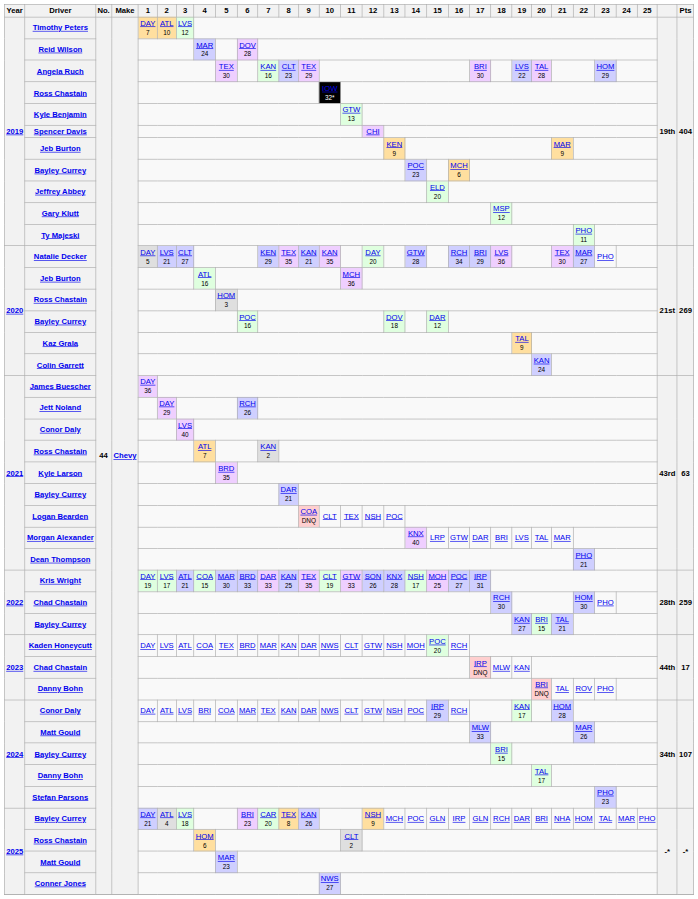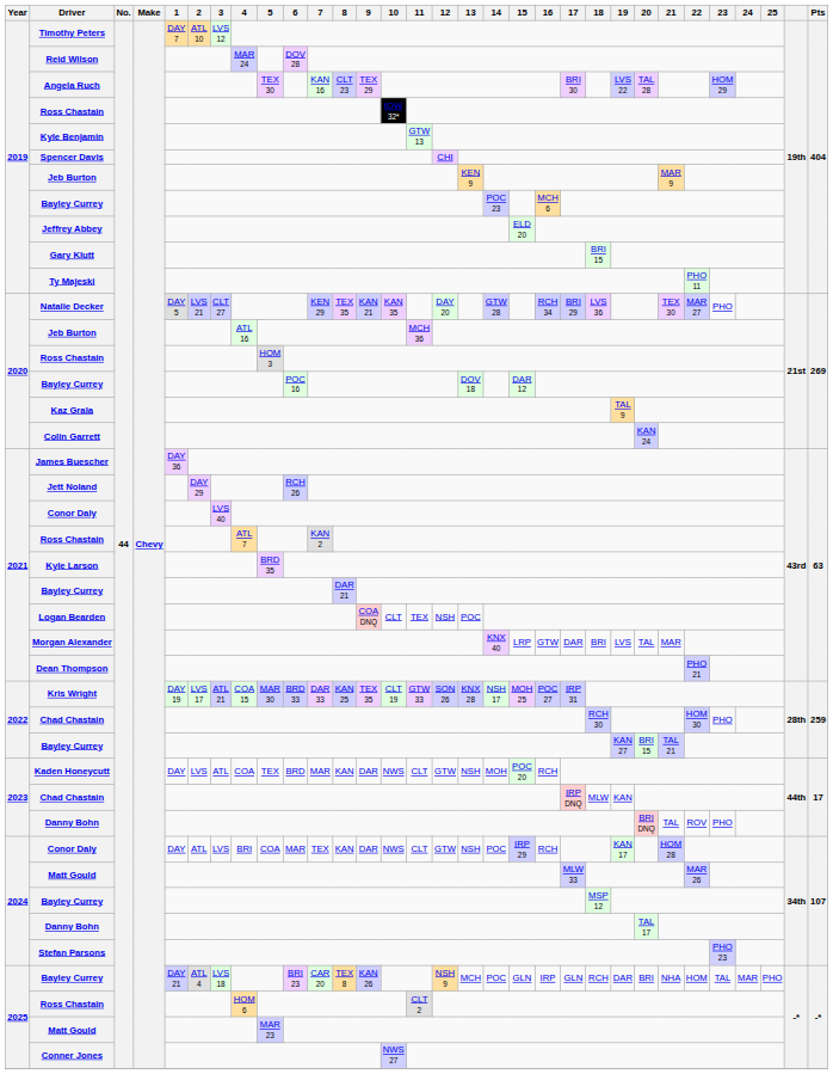 <table class="wikitable" style="text-align:center; font-size:75%">
 <tr>
 <th>Year</th>
 <th>Driver</th>
 <th>No.</th>
 <th>Make</th>
 <th>1</th>
 <th>2</th>
 <th>3</th>
 <th>4</th>
 <th>5</th>
 <th>6</th>
 <th>7</th>
 <th>8</th>
 <th>9</th>
 <th>10</th>
 <th>11</th>
 <th>12</th>
 <th>13</th>
 <th>14</th>
 <th>15</th>
 <th>16</th>
 <th>17</th>
 <th>18</th>
 <th>19</th>
 <th>20</th>
 <th>21</th>
 <th>22</th>
 <th>23</th>
 <th>24</th>
 <th>25</th>
 <th></th>
 <th>Pts</th>
 </tr>
 <tr>
 <th rowspan=11><a href='#'>2019</a></th>
 <th><a href='#'>Timothy Peters</a></th>
 <th rowspan="41">44</th>
 <th rowspan="41"><a href='#'>Chevy</a></th>
 <td style="background:#FFDF9F;"><a href='#'>DAY</a><br><small>7</small></td>
 <td style="background:#FFDF9F;"><a href='#'>ATL</a><br><small>10</small></td>
 <td style="background:#DFFFDF;"><a href='#'>LVS</a><br><small>12</small></td>
 <td colspan=22></td>
 <th rowspan=11>19th</th>
 <th rowspan=11>404</th>
 </tr>
 <tr>
 <th><a href='#'>Reid Wilson</a></th>
 <td colspan=3></td>
 <td style="background:#CFCFFF;"><a href='#'>MAR</a><br><small>24</small></td>
 <td colspan=1></td>
 <td style="background:#EFCFFF;"><a href='#'>DOV</a><br><small>28</small></td>
 <td colspan=19></td>
 </tr>
 <tr>
 <th><a href='#'>Angela Ruch</a></th>
 <td colspan=4></td>
 <td style="background:#EFCFFF;"><a href='#'>TEX</a><br><small>30</small></td>
 <td colspan=1></td>
 <td style="background:#DFFFDF;"><a href='#'>KAN</a><br><small>16</small></td>
 <td style="background:#CFCFFF;"><a href='#'>CLT</a><br><small>23</small></td>
 <td style="background:#EFCFFF;"><a href='#'>TEX</a><br><small>29</small></td>
 <td colspan=7></td>
 <td style="background:#EFCFFF;"><a href='#'>BRI</a><br><small>30</small></td>
 <td colspan=1></td>
 <td style="background:#CFCFFF;"><a href='#'>LVS</a><br><small>22</small></td>
 <td style="background:#EFCFFF;"><a href='#'>TAL</a><br><small>28</small></td>
 <td colspan=2></td>
 <td style="background:#CFCFFF;"><a href='#'>HOM</a><br><small>29</small></td>
 <td colspan=2></td>
 </tr>
 <tr>
 <th><a href='#'>Ross Chastain</a></th>
 <td colspan=9></td>
 <td style="background-color:#000000;color:white;"><a href='#'><span>IOW</span></a><br><small>32*</small></td>
 <td colspan=15></td>
 </tr>
 <tr>
 <th><a href='#'>Kyle Benjamin</a></th>
 <td colspan=10></td>
 <td style="background:#DFFFDF;"><a href='#'>GTW</a><br><small>13</small></td>
 <td colspan=14></td>
 </tr>
 <tr>
 <th><a href='#'>Spencer Davis</a></th>
 <td colspan=11></td>
 <td style="background:#EFCFFF;"><a href='#'>CHI</a><br></td>
 <td colspan=13></td>
 </tr>
 <tr>
 <th><a href='#'>Jeb Burton</a></th>
 <td colspan=12></td>
 <td style="background:#FFDF9F;"><a href='#'>KEN</a><br><small>9</small></td>
 <td colspan=7></td>
 <td style="background:#FFDF9F;"><a href='#'>MAR</a><br><small>9</small></td>
 <td colspan=4></td>
 </tr>
 <tr>
 <th><a href='#'>Bayley Currey</a></th>
 <td colspan=13></td>
 <td style="background:#CFCFFF;"><a href='#'>POC</a><br><small>23</small></td>
 <td colspan=1></td>
 <td style="background:#FFDF9F;"><a href='#'>MCH</a><br><small>6</small></td>
 <td colspan=9></td>
 </tr>
 <tr>
 <th><a href='#'>Jeffrey Abbey</a></th>
 <td colspan=14></td>
 <td style="background:#DFFFDF;"><a href='#'>ELD</a><br><small>20</small></td>
 <td colspan=10></td>
 </tr>
 <tr>
 <th><a href='#'>Gary Klutt</a></th>
 <td colspan=17></td>
-<td style="background:#DFFFDF;"><a href='#'>MSP</a><br><small>12</small></td>
+<td style="background:#DFFFDF;"><a href='#'>BRI</a><br><small>15</small></td>
 <td colspan=7></td>
 </tr>
 <tr>
 <th><a href='#'>Ty Majeski</a></th>
 <td colspan=21></td>
 <td style="background:#DFFFDF;"><a href='#'>PHO</a><br><small>11</small></td>
 <td colspan=3></td>
 </tr>
 <tr>
 <th rowspan=6><a href='#'>2020</a></th>
 <th><a href='#'>Natalie Decker</a></th>
 <td style="background:#DFDFDF;"><a href='#'>DAY</a><br><small>5</small></td>
 <td style="background:#CFCFFF;"><a href='#'>LVS</a><br><small>21</small></td>
 <td style="background:#CFCFFF;"><a href='#'>CLT</a><br><small>27</small></td>
 <td colspan=3></td>
 <td style="background:#CFCFFF;"><a href='#'>KEN</a><br><small>29</small></td>
 <td style="background:#EFCFFF;"><a href='#'>TEX</a><br><small>35</small></td>
 <td style="background:#CFCFFF;"><a href='#'>KAN</a><br><small>21</small></td>
 <td style="background:#EFCFFF;"><a href='#'>KAN</a><br><small>35</small></td>
 <td colspan=1></td>
 <td style="background:#DFFFDF;"><a href='#'>DAY</a><br><small>20</small></td>
 <td colspan=1></td>
 <td style="background:#CFCFFF;"><a href='#'>GTW</a><br><small>28</small></td>
 <td colspan=1></td>
 <td style="background:#CFCFFF;"><a href='#'>RCH</a><br><small>34</small></td>
 <td style="background:#CFCFFF;"><a href='#'>BRI</a><br><small>29</small></td>
 <td style="background:#EFCFFF;"><a href='#'>LVS</a><br><small>36</small></td>
 <td colspan=2></td>
 <td style="background:#EFCFFF;"><a href='#'>TEX</a><br><small>30</small></td>
 <td style="background:#CFCFFF;"><a href='#'>MAR</a><br><small>27</small></td>
 <td><a href='#'>PHO</a></td>
 <td colspan=2></td>
 <th rowspan=6>21st</th>
 <th rowspan=6>269</th>
 </tr>
 <tr>
 <th><a href='#'>Jeb Burton</a></th>
 <td colspan=3></td>
 <td style="background:#DFFFDF;"><a href='#'>ATL</a><br><small>16</small></td>
 <td colspan=6></td>
 <td style="background:#EFCFFF;"><a href='#'>MCH</a><br><small>36</small></td>
 <td colspan=14></td>
 </tr>
 <tr>
 <th><a href='#'>Ross Chastain</a></th>
 <td colspan=4></td>
 <td style="background:#DFDFDF;"><a href='#'>HOM</a><br><small>3</small></td>
 <td colspan=20></td>
 </tr>
 <tr>
 <th><a href='#'>Bayley Currey</a></th>
 <td colspan=5></td>
 <td style="background:#DFFFDF;"><a href='#'>POC</a><br><small>16</small></td>
 <td colspan=6></td>
 <td style="background:#DFFFDF;"><a href='#'>DOV</a><br><small>18</small></td>
 <td colspan=1></td>
 <td style="background:#DFFFDF;"><a href='#'>DAR</a><br><small>12</small></td>
 <td colspan=10></td>
 </tr>
 <tr>
 <th><a href='#'>Kaz Grala</a></th>
 <td colspan=18></td>
 <td style="background:#FFDF9F;"><a href='#'>TAL</a><br><small>9</small></td>
 <td colspan=6></td>
 </tr>
 <tr>
 <th><a href='#'>Colin Garrett</a></th>
 <td colspan=19></td>
 <td style="background:#CFCFFF;"><a href='#'>KAN</a><br><small>24</small></td>
 <td colspan=5></td>
 </tr>
 <tr>
 <th rowspan=9><a href='#'>2021</a></th>
 <th><a href='#'>James Buescher</a></th>
 <td style="background:#EFCFFF;"><a href='#'>DAY</a><br><small>36</small></td>
 <td colspan=24></td>
 <th rowspan=9>43rd</th>
 <th rowspan=9>63</th>
 </tr>
 <tr>
 <th><a href='#'>Jett Noland</a></th>
 <td colspan=1></td>
 <td style="background:#EFCFFF;"><a href='#'>DAY</a><br><small>29</small></td>
 <td colspan=3></td>
 <td style="background:#CFCFFF;"><a href='#'>RCH</a><br><small>26</small></td>
 <td colspan=19></td>
 </tr>
 <tr>
 <th><a href='#'>Conor Daly</a></th>
 <td colspan=2></td>
 <td style="background:#EFCFFF;"><a href='#'>LVS</a><br><small>40</small></td>
 <td colspan=22></td>
 </tr>
 <tr>
 <th><a href='#'>Ross Chastain</a></th>
 <td colspan=3></td>
 <td style="background:#FFDF9F;"><a href='#'>ATL</a><br><small>7</small></td>
 <td colspan=2></td>
 <td style="background:#DFDFDF;"><a href='#'>KAN</a><br><small>2</small></td>
 <td colspan=18></td>
 </tr>
 <tr>
 <th><a href='#'>Kyle Larson</a></th>
 <td colspan=4></td>
 <td style="background:#EFCFFF;"><a href='#'>BRD</a><br><small>35</small></td>
 <td colspan=20></td>
 </tr>
 <tr>
 <th><a href='#'>Bayley Currey</a></th>
 <td colspan=7></td>
 <td style="background:#CFCFFF;"><a href='#'>DAR</a><br><small>21</small></td>
 <td colspan=17></td>
 </tr>
 <tr>
 <th><a href='#'>Logan Bearden</a></th>
 <td colspan=8></td>
 <td style="background:#FFCFCF;"><a href='#'>COA</a><br><small>DNQ</small></td>
 <td><a href='#'>CLT</a></td>
 <td><a href='#'>TEX</a></td>
 <td><a href='#'>NSH</a></td>
 <td><a href='#'>POC</a></td>
 <td colspan=12></td>
 </tr>
 <tr>
 <th><a href='#'>Morgan Alexander</a></th>
 <td colspan=13></td>
 <td style="background:#EFCFFF;"><a href='#'>KNX</a><br><small>40</small></td>
 <td><a href='#'>LRP</a></td>
 <td><a href='#'>GTW</a></td>
 <td><a href='#'>DAR</a></td>
 <td><a href='#'>BRI</a></td>
 <td><a href='#'>LVS</a></td>
 <td><a href='#'>TAL</a></td>
 <td><a href='#'>MAR</a></td>
 <td colspan=4></td>
 </tr>
 <tr>
 <th><a href='#'>Dean Thompson</a></th>
 <td colspan=21></td>
 <td style="background:#CFCFFF;"><a href='#'>PHO</a><br><small>21</small></td>
 <td colspan=3></td>
 </tr>
 <tr>
 <th rowspan=3><a href='#'>2022</a></th>
 <th><a href='#'>Kris Wright</a></th>
 <td style="background:#DFFFDF;"><a href='#'>DAY</a><br><small>19</small></td>
 <td style="background:#DFFFDF;"><a href='#'>LVS</a><br><small>17</small></td>
 <td style="background:#CFCFFF;"><a href='#'>ATL</a><br><small>21</small></td>
 <td style="background:#DFFFDF;"><a href='#'>COA</a><br><small>15</small></td>
 <td style="background:#CFCFFF;"><a href='#'>MAR</a><br><small>30</small></td>
 <td style="background:#CFCFFF;"><a href='#'>BRD</a><br><small>33</small></td>
 <td style="background:#EFCFFF;"><a href='#'>DAR</a><br><small>33</small></td>
 <td style="background:#CFCFFF;"><a href='#'>KAN</a><br><small>25</small></td>
 <td style="background:#EFCFFF;"><a href='#'>TEX</a><br><small>35</small></td>
 <td style="background:#DFFFDF;"><a href='#'>CLT</a><br><small>19</small></td>
 <td style="background:#EFCFFF;"><a href='#'>GTW</a><br><small>33</small></td>
 <td style="background:#CFCFFF;"><a href='#'>SON</a><br><small>26</small></td>
 <td style="background:#CFCFFF;"><a href='#'>KNX</a><br><small>28</small></td>
 <td style="background:#DFFFDF;"><a href='#'>NSH</a><br><small>17</small></td>
 <td style="background:#EFCFFF;"><a href='#'>MOH</a><br><small>25</small></td>
 <td style="background:#CFCFFF;"><a href='#'>POC</a><br><small>27</small></td>
 <td style="background:#CFCFFF;"><a href='#'>IRP</a><br><small>31</small></td>
 <td colspan=8></td>
 <th rowspan=3>28th</th>
 <th rowspan=3>259</th>
 </tr>
 <tr>
 <th><a href='#'>Chad Chastain</a></th>
 <td colspan=17></td>
 <td style="background:#CFCFFF;"><a href='#'>RCH</a><br><small>30</small></td>
 <td colspan=3></td>
 <td style="background:#CFCFFF;"><a href='#'>HOM</a><br><small>30</small></td>
 <td><a href='#'>PHO</a></td>
 <td colspan=2></td>
 </tr>
 <tr>
 <th><a href='#'>Bayley Currey</a></th>
 <td colspan=18></td>
 <td style="background:#CFCFFF;"><a href='#'>KAN</a><br><small>27</small></td>
 <td style="background:#DFFFDF;"><a href='#'>BRI</a><br><small>15</small></td>
 <td style="background:#CFCFFF;"><a href='#'>TAL</a><br><small>21</small></td>
 <td colspan=4></td>
 </tr>
 <tr>
 <th rowspan="3"><a href='#'>2023</a></th>
 <th><a href='#'>Kaden Honeycutt</a></th>
 <td><a href='#'>DAY</a></td>
 <td><a href='#'>LVS</a></td>
 <td><a href='#'>ATL</a></td>
 <td><a href='#'>COA</a></td>
 <td><a href='#'>TEX</a></td>
 <td><a href='#'>BRD</a></td>
 <td><a href='#'>MAR</a></td>
 <td><a href='#'>KAN</a></td>
 <td><a href='#'>DAR</a></td>
 <td><a href='#'>NWS</a></td>
 <td><a href='#'>CLT</a></td>
 <td><a href='#'>GTW</a></td>
 <td><a href='#'>NSH</a></td>
 <td><a href='#'>MOH</a></td>
 <td style="background:#DFFFDF;"><a href='#'>POC</a><br><small>20</small></td>
 <td><a href='#'>RCH</a></td>
 <td colspan="9"></td>
 <th rowspan="3">44th</th>
 <th rowspan="3">17</th>
 </tr>
 <tr>
 <th><a href='#'>Chad Chastain</a></th>
 <td colspan="16"></td>
 <td style="background:#FFCFCF;"><a href='#'>IRP</a><br><small>DNQ</small></td>
 <td><a href='#'>MLW</a></td>
 <td><a href='#'>KAN</a></td>
 <td colspan=6></td>
 </tr>
 <tr>
 <th><a href='#'>Danny Bohn</a></th>
 <td colspan=19></td>
 <td style="background:#FFCFCF;"><a href='#'>BRI</a><br><small>DNQ</small></td>
 <td><a href='#'>TAL</a></td>
 <td><a href='#'>ROV</a></td>
 <td><a href='#'>PHO</a></td>
 <td colspan=2></td>
 </tr>
 <tr>
 <th rowspan="5"><a href='#'>2024</a></th>
 <th><a href='#'>Conor Daly</a></th>
 <td><a href='#'>DAY</a></td>
 <td><a href='#'>ATL</a></td>
 <td><a href='#'>LVS</a></td>
 <td><a href='#'>BRI</a></td>
 <td><a href='#'>COA</a></td>
 <td><a href='#'>MAR</a></td>
 <td><a href='#'>TEX</a></td>
 <td><a href='#'>KAN</a></td>
 <td><a href='#'>DAR</a></td>
 <td><a href='#'>NWS</a></td>
 <td><a href='#'>CLT</a></td>
 <td><a href='#'>GTW</a></td>
 <td><a href='#'>NSH</a></td>
 <td><a href='#'>POC</a></td>
 <td style="background:#CFCFFF;"><a href='#'>IRP</a><br><small>29</small></td>
 <td><a href='#'>RCH</a></td>
 <td colspan=2></td>
 <td style="background:#DFFFDF;"><a href='#'>KAN</a><br><small>17</small></td>
 <td></td>
 <td style="background:#CFCFFF;"><a href='#'>HOM</a><br><small>28</small></td>
 <td colspan=4></td>
 <th rowspan="5">34th</th>
 <th rowspan="5">107</th>
 </tr>
 <tr>
 <th><a href='#'>Matt Gould</a></th>
 <td colspan=16></td>
 <td style="background:#CFCFFF;"><a href='#'>MLW</a><br><small>33</small></td>
 <td colspan=4></td>
 <td style="background:#CFCFFF;"><a href='#'>MAR</a><br><small>26</small></td>
 <td colspan=3></td>
 </tr>
 <tr>
 <th><a href='#'>Bayley Currey</a></th>
 <td colspan="17"></td>
-<td style="background:#DFFFDF;"><a href='#'>BRI</a><br><small>15</small></td>
+<td style="background:#DFFFDF;"><a href='#'>MSP</a><br><small>12</small></td>
 <td colspan="7"></td>
 </tr>
 <tr>
 <th><a href='#'>Danny Bohn</a></th>
 <td colspan="19"></td>
 <td style="background:#DFFFDF;"><a href='#'>TAL</a><br><small>17</small></td>
 <td colspan="5"></td>
 </tr>
 <tr>
 <th><a href='#'>Stefan Parsons</a></th>
 <td colspan="22"></td>
 <td style="background:#CFCFFF;"><a href='#'>PHO</a><br><small>23</small></td>
 <td colspan=2></td>
 </tr>
 <tr>
 <th rowspan="4"><a href='#'>2025</a></th>
 <th><a href='#'>Bayley Currey</a></th>
 <td style="background:#CFCFFF;"><a href='#'>DAY</a><br><small>21</small></td>
 <td style="background:#DFDFDF;"><a href='#'>ATL</a><br><small>4</small></td>
 <td style="background:#DFFFDF;"><a href='#'>LVS</a><br><small>18</small></td>
 <td colspan="2"></td>
 <td style="background:#EFCFFF;"><a href='#'>BRI</a><br><small>23</small></td>
 <td style="background:#DFFFDF;"><a href='#'>CAR</a><br><small>20</small></td>
 <td style="background:#FFDF9F;"><a href='#'>TEX</a><br><small>8</small></td>
 <td style="background:#CFCFFF;"><a href='#'>KAN</a> <br><small>26</small></td>
 <td colspan="2"></td>
 <td style="background:#FFDF9F;"><a href='#'>NSH</a><br><small>9</small></td>
 <td><a href='#'>MCH</a></td>
 <td><a href='#'>POC</a></td>
 <td><a href='#'>GLN</a></td>
 <td><a href='#'>IRP</a></td>
 <td><a href='#'>GLN</a></td>
 <td><a href='#'>RCH</a></td>
 <td><a href='#'>DAR</a></td>
 <td><a href='#'>BRI</a></td>
 <td><a href='#'>NHA</a></td>
 <td><a href='#'>HOM</a></td>
 <td><a href='#'>TAL</a></td>
 <td><a href='#'>MAR</a></td>
 <td><a href='#'>PHO</a></td>
 <th rowspan="4">-*</th>
 <th rowspan="4">-*</th>
 </tr>
 <tr>
 <th><a href='#'>Ross Chastain</a></th>
 <td colspan="3"></td>
 <td style="background:#FFDF9F;"><a href='#'>HOM</a><br><small>6</small></td>
 <td colspan="6"></td>
 <td style="background:#DFDFDF;"><a href='#'>CLT</a><br><small>2</small></td>
 <td colspan="14"></td>
 </tr>
 <tr>
 <th><a href='#'>Matt Gould</a></th>
 <td colspan="4"></td>
 <td style="background:#CFCFFF;"><a href='#'>MAR</a><br><small>23</small></td>
 <td colspan="20"></td>
 </tr>
 <tr>
 <th><a href='#'>Conner Jones</a></th>
 <td colspan="9"></td>
 <td style="background:#CFCFFF;"><a href='#'>NWS</a><br><small>27</small></td>
 <td colspan="15"></td>
 </tr>
 <tr>
 </tr>
 </table>
